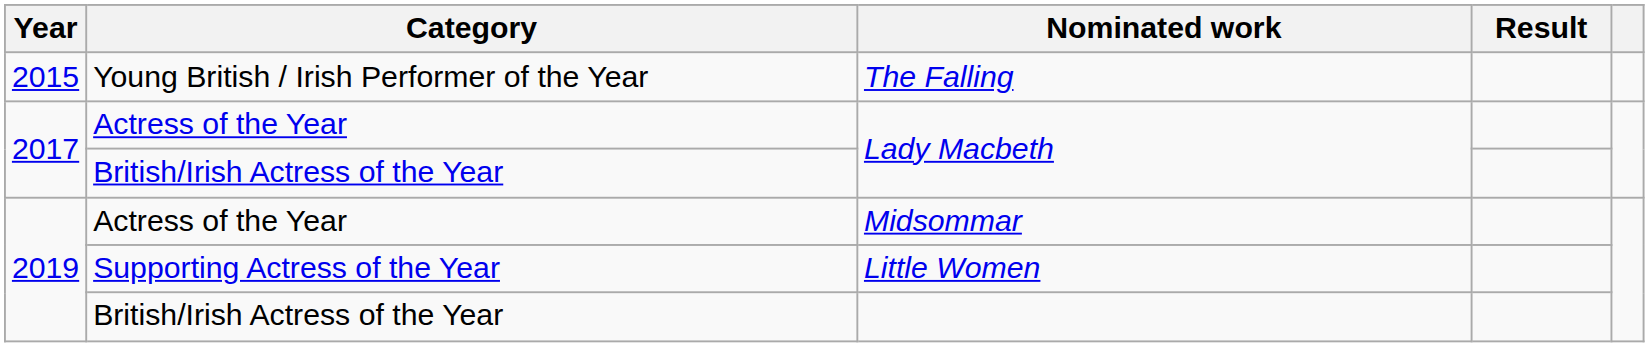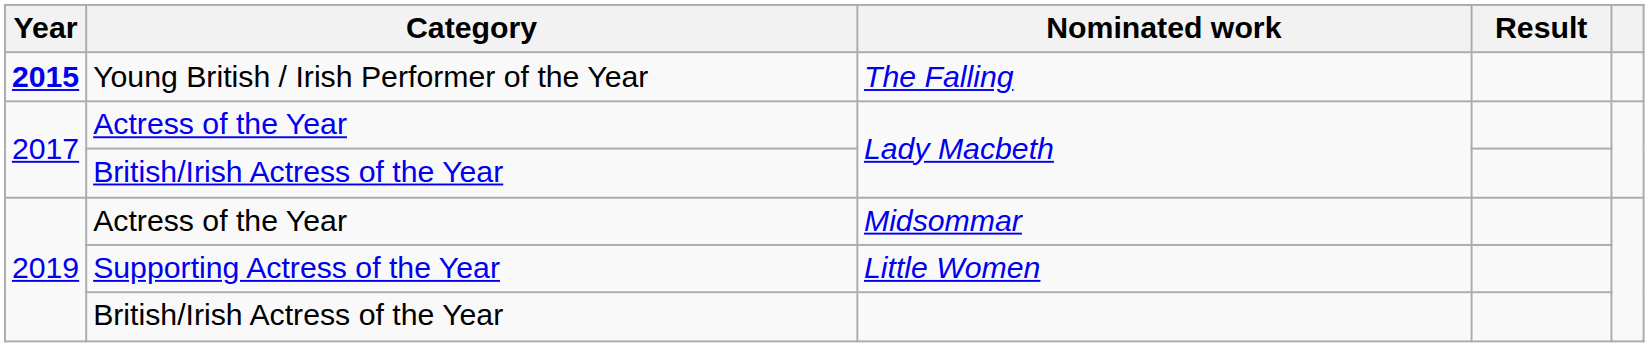 <table class="wikitable sortable">
 <tr>
 <th scope="col" style="width:1em;">Year</th>
 <th scope="col" style="width:39em;">Category</th>
 <th scope="col" style="width:30em;">Nominated work</th>
 <th scope="col" style="width:5em;">Result</th>
 <th scope="col" style="width:1em;"class="unsortable"></th>
 </tr>
 <tr>
-<td><a href='#'>2015</a></td>
+<td><strong><a href='#'>2015</a></strong></td>
 <td>Young British / Irish Performer of the Year</td>
 <td><em><a href='#'>The Falling</a></em></td>
 <td></td>
 <td align="center"></td>
 </tr>
 <tr>
 <td rowspan="2"><a href='#'>2017</a></td>
 <td><a href='#'>Actress of the Year</a></td>
 <td rowspan="2"><em><a href='#'>Lady Macbeth</a></em></td>
 <td></td>
 <td align="center" rowspan="2"></td>
 </tr>
 <tr>
 <td><a href='#'>British/Irish Actress of the Year</a></td>
 <td></td>
 </tr>
 <tr>
 <td rowspan="3"><a href='#'>2019</a></td>
 <td>Actress of the Year</td>
 <td><em><a href='#'>Midsommar</a></em></td>
 <td></td>
 <td align="center" rowspan="3"></td>
 </tr>
 <tr>
 <td><a href='#'>Supporting Actress of the Year</a></td>
 <td><em><a href='#'>Little Women</a></em></td>
 <td></td>
 </tr>
 <tr>
 <td>British/Irish Actress of the Year</td>
 <td></td>
 <td></td>
 </tr>
 </table>
